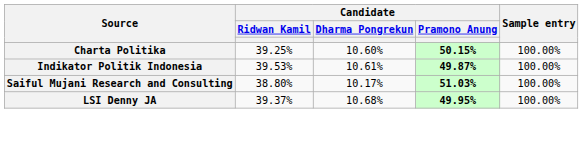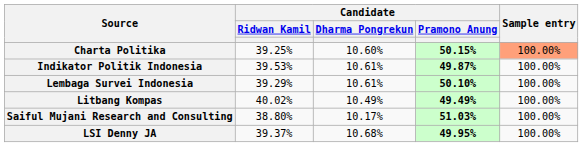 <table class="wikitable sortable" style="font-size: 100%; text-align:center">
 <tr>
 <th rowspan="3">Source</th>
 <th colspan="3">Candidate</th>
 <th rowspan="3">Sample entry</th>
 </tr>
 <tr>
 <th><a href='#'>Ridwan Kamil</a></th>
 <th><a href='#'>Dharma Pongrekun</a></th>
 <th><a href='#'>Pramono Anung</a></th>
 </tr>
 <tr>
 <th style="background:"></th>
 <th style="background:"></th>
 <th style="background:"></th>
 </tr>
 <tr>
 <th>Charta Politika</th>
 <td>39.25%</td>
 <td>10.60%</td>
 <td style="background:#CFC"><strong>50.15%</strong></td>
-<td>100.00%</td>
+<td style="background: lightsalmon;">100.00%</td>
 </tr>
 <tr>
 <th>Indikator Politik Indonesia</th>
 <td>39.53%</td>
 <td>10.61%</td>
 <td style="background:#CFC"><strong>49.87%</strong></td>
+<td>100.00%</td>
+</tr>
+<tr>
+<th>Lembaga Survei Indonesia</th>
+<td>39.29%</td>
+<td>10.61%</td>
+<td style="background:#CFC"><strong>50.10%</strong></td>
+<td>100.00%</td>
+</tr>
+<tr>
+<th>Litbang Kompas</th>
+<td>40.02%</td>
+<td>10.49%</td>
+<td style="background:#CFC"><strong>49.49%</strong></td>
 <td>100.00%</td>
 </tr>
 <tr>
 <th>Saiful Mujani Research and Consulting</th>
 <td>38.80%</td>
 <td>10.17%</td>
 <td style="background:#CFC"><strong>51.03%</strong></td>
 <td>100.00%</td>
 </tr>
 <tr>
 <th>LSI Denny JA</th>
 <td>39.37%</td>
 <td>10.68%</td>
 <td style="background:#CFC"><strong>49.95%</strong></td>
 <td>100.00%</td>
 </tr>
 </table>
